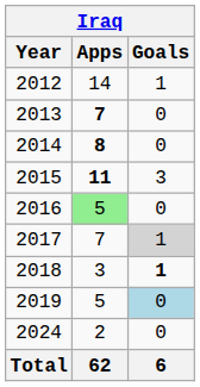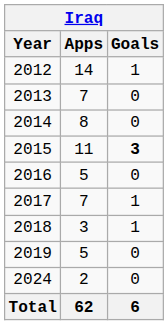 <table class="wikitable" style="text-align:center">
 <tr>
 <th colspan=4><a href='#'>Iraq</a></th>
 </tr>
 <tr>
 <th>Year</th>
 <th>Apps</th>
 <th>Goals</th>
 </tr>
 <tr>
 <td>2012</td>
 <td>14</td>
 <td>1</td>
 </tr>
 <tr>
 <td>2013</td>
-<td><strong>7</strong></td>
+<td>7</td>
 <td>0</td>
 </tr>
 <tr>
 <td>2014</td>
-<td><strong>8</strong></td>
+<td>8</td>
 <td>0</td>
 </tr>
 <tr>
 <td>2015</td>
-<td><strong>11</strong></td>
-<td>3</td>
+<td>11</td>
+<td><strong>3</strong></td>
 </tr>
 <tr>
 <td>2016</td>
-<td style="background: lightgreen;">5</td>
+<td>5</td>
 <td>0</td>
 </tr>
 <tr>
 <td>2017</td>
 <td>7</td>
-<td style="background: lightgrey;">1</td>
+<td>1</td>
 </tr>
 <tr>
 <td>2018</td>
 <td>3</td>
-<td><strong>1</strong></td>
+<td>1</td>
 </tr>
 <tr>
 <td>2019</td>
 <td>5</td>
-<td style="background: lightblue;">0</td>
+<td>0</td>
 </tr>
 <tr>
 <td>2024</td>
 <td>2</td>
 <td>0</td>
 </tr>
 <tr>
 <th>Total</th>
 <th>62</th>
 <th>6</th>
 </tr>
 </table>
